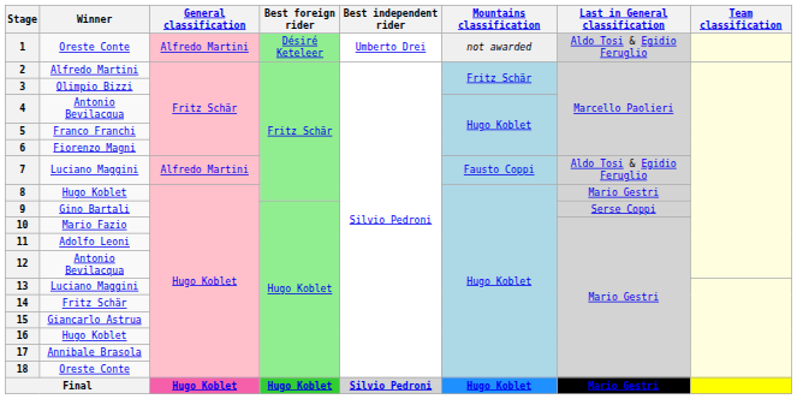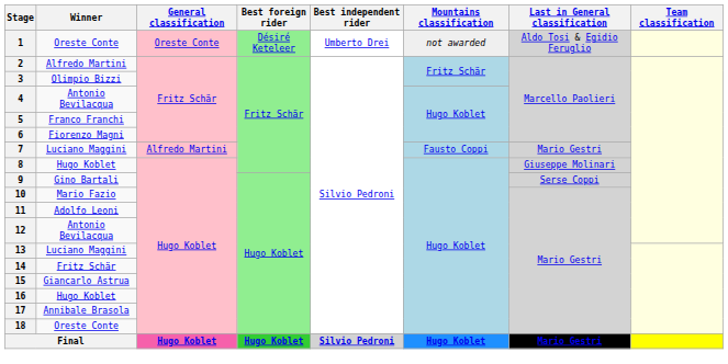 <table class="wikitable" style="text-align:center; font-size:smaller; clear:both;">
 <tr style="background:#efefef;">
 <th scope="col" style="width:1%;">Stage</th>
 <th scope="col" style="width:14%;">Winner</th>
 <th scope=“col” style=“width:14%;”><a href='#'>General classification</a><br></th>
 <th scope=“col” style=“width:14%;”>Best foreign rider<br></th>
 <th scope=“col” style=“width:14%;”>Best independent rider<br></th>
 <th scope=“col” style=“width:14%;”><a href='#'>Mountains classification</a></th>
 <th scope=“col” style=“width:14%;”><a href='#'>Last in General classification</a><br></th>
 <th scope=“col” style=“width:14%;”><a href='#'>Team classification</a></th>
 </tr>
 <tr>
 <th scope=“row”>1</th>
 <td><a href='#'>Oreste Conte</a></td>
-<td style="background:pink;" rowspan="1"><a href='#'>Alfredo Martini</a></td>
+<td style="background:pink;" rowspan="1"><a href='#'>Oreste Conte</a></td>
 <td style="background:lightgreen;" rowspan="1"><a href='#'>Désiré Keteleer</a></td>
 <td style="background:white;" rowspan="1"><a href='#'>Umberto Drei</a></td>
 <td style="background:#EFEFEF;" rowspan="1"><em>not awarded</em></td>
 <td style="background:lightgray;" rowspan="1"><a href='#'>Aldo Tosi</a> & <a href='#'>Egidio Feruglio</a></td>
 <td style="background:lightyellow;" rowspan="1"></td>
 </tr>
 <tr>
 <th scope=“row”>2</th>
 <td><a href='#'>Alfredo Martini</a></td>
 <td style="background:pink;" rowspan="5"><a href='#'>Fritz Schär</a></td>
 <td style="background:lightgreen;" rowspan="7"><a href='#'>Fritz Schär</a></td>
 <td style="background:white;" rowspan="17"><a href='#'>Silvio Pedroni</a></td>
 <td style="background:lightblue;" rowspan="2"><a href='#'>Fritz Schär</a></td>
 <td style="background:lightgray;" rowspan="5"><a href='#'>Marcello Paolieri</a></td>
 <td style="background:lightyellow;" rowspan="11"></td>
 </tr>
 <tr>
 <th scope=“row”>3</th>
 <td><a href='#'>Olimpio Bizzi</a></td>
 </tr>
 <tr>
 <th scope=“row”>4</th>
 <td><a href='#'>Antonio Bevilacqua</a></td>
 <td style="background:lightblue;" rowspan="3"><a href='#'>Hugo Koblet</a></td>
 </tr>
 <tr>
 <th scope=“row”>5</th>
 <td><a href='#'>Franco Franchi</a></td>
 </tr>
 <tr>
 <th scope=“row”>6</th>
 <td><a href='#'>Fiorenzo Magni</a></td>
 </tr>
 <tr>
 <th scope=“row”>7</th>
 <td><a href='#'>Luciano Maggini</a></td>
 <td style="background:pink;" rowspan="1"><a href='#'>Alfredo Martini</a></td>
 <td style="background:lightblue;" rowspan="1"><a href='#'>Fausto Coppi</a></td>
-<td style="background:lightgray;" rowspan="1"><a href='#'>Aldo Tosi</a> & <a href='#'>Egidio Feruglio</a></td>
+<td style="background:lightgray;" rowspan="1"><a href='#'>Mario Gestri</a></td>
 </tr>
 <tr>
 <th scope=“row”>8</th>
 <td><a href='#'>Hugo Koblet</a></td>
 <td style="background:pink;" rowspan="11"><a href='#'>Hugo Koblet</a></td>
 <td style="background:lightblue;" rowspan="11"><a href='#'>Hugo Koblet</a></td>
-<td style="background:lightgray;" rowspan="1"><a href='#'>Mario Gestri</a></td>
+<td style="background:lightgray;" rowspan="1"><a href='#'>Giuseppe Molinari</a></td>
 </tr>
 <tr>
 <th scope=“row”>9</th>
 <td><a href='#'>Gino Bartali</a></td>
 <td style="background:lightgreen;" rowspan="10"><a href='#'>Hugo Koblet</a></td>
 <td style="background:lightgray;" rowspan="1"><a href='#'>Serse Coppi</a></td>
 </tr>
 <tr>
 <th scope=“row”>10</th>
 <td><a href='#'>Mario Fazio</a></td>
 <td style="background:lightgray;" rowspan="9"><a href='#'>Mario Gestri</a></td>
 </tr>
 <tr>
 <th scope=“row”>11</th>
 <td><a href='#'>Adolfo Leoni</a></td>
 </tr>
 <tr>
 <th scope=“row”>12</th>
 <td><a href='#'>Antonio Bevilacqua</a></td>
 </tr>
 <tr>
 <th scope=“row”>13</th>
 <td><a href='#'>Luciano Maggini</a></td>
 <td style="background:lightyellow;" rowspan="6"></td>
 </tr>
 <tr>
 <th scope=“row”>14</th>
 <td><a href='#'>Fritz Schär</a></td>
 </tr>
 <tr>
 <th scope=“row”>15</th>
 <td><a href='#'>Giancarlo Astrua</a></td>
 </tr>
 <tr>
 <th scope=“row”>16</th>
 <td><a href='#'>Hugo Koblet</a></td>
 </tr>
 <tr>
 <th scope=“row”>17</th>
 <td><a href='#'>Annibale Brasola</a></td>
 </tr>
 <tr>
 <th scope=“row”>18</th>
 <td><a href='#'>Oreste Conte</a></td>
 </tr>
 <tr>
 <th colspan=2>Final</th>
 <th style="background:#F660AB;"><a href='#'>Hugo Koblet</a></th>
 <th style="background:#32CD32;"><a href='#'>Hugo Koblet</a></th>
 <th style="background:lightgray;"><a href='#'>Silvio Pedroni</a></th>
 <th style="background:dodgerblue;"><a href='#'>Hugo Koblet</a></th>
 <th style="background:black;"><a href='#'>Mario Gestri</a></th>
 <th style="background:yellow;"></th>
 </tr>
 </table>
